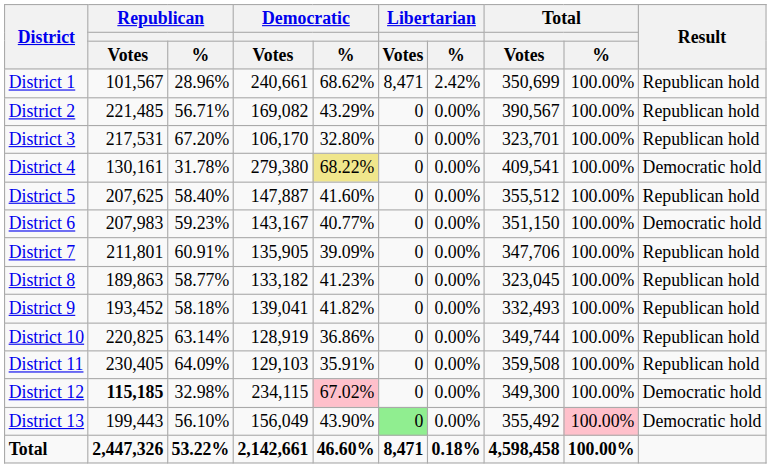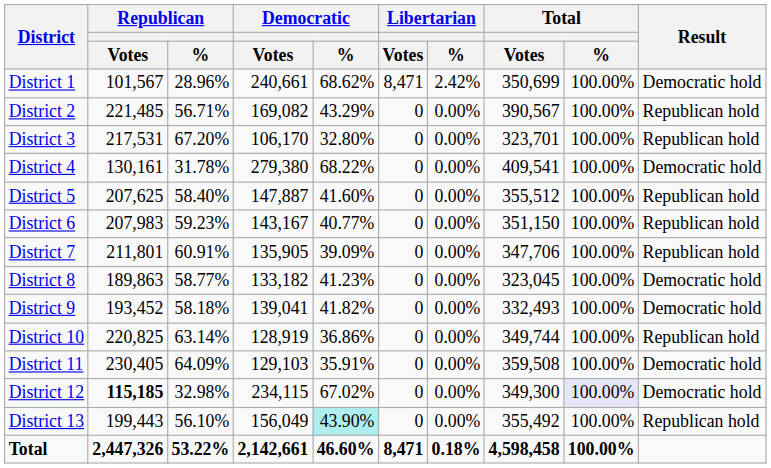 <table class="wikitable plainrowheaders sortable" style="font-size:100%; text-align:right;">
 <tr>
 <th scope=col rowspan=3><a href='#'>District</a></th>
 <th scope=col colspan=2><a href='#'>Republican</a></th>
 <th scope=col colspan=2><a href='#'>Democratic</a></th>
 <th scope=col colspan=2><a href='#'>Libertarian</a></th>
 <th scope=col colspan=2>Total</th>
 <th scope=col rowspan=3>Result</th>
 </tr>
 <tr>
 <th scope=col colspan=2 style="background:"></th>
 <th scope=col colspan=2 style="background:"></th>
 <th scope=col colspan=2 style="background:"></th>
 <th scope=col colspan=2></th>
 </tr>
 <tr>
 <th scope=col data-sort-type="number">Votes</th>
 <th scope=col data-sort-type="number">%</th>
 <th scope=col data-sort-type="number">Votes</th>
 <th scope=col data-sort-type="number">%</th>
 <th scope=col data-sort-type="number">Votes</th>
 <th scope=col data-sort-type="number">%</th>
 <th scope=col data-sort-type="number">Votes</th>
 <th scope=col data-sort-type="number">%</th>
 </tr>
 <tr>
 <td align=left><a href='#'>District 1</a></td>
 <td>101,567</td>
 <td>28.96%</td>
 <td>240,661</td>
 <td>68.62%</td>
 <td>8,471</td>
 <td>2.42%</td>
 <td>350,699</td>
 <td>100.00%</td>
-<td align=left>Republican hold</td>
+<td align=left>Democratic hold</td>
 </tr>
 <tr>
 <td align=left><a href='#'>District 2</a></td>
 <td>221,485</td>
 <td>56.71%</td>
 <td>169,082</td>
 <td>43.29%</td>
 <td>0</td>
 <td>0.00%</td>
 <td>390,567</td>
 <td>100.00%</td>
 <td align=left>Republican hold</td>
 </tr>
 <tr>
 <td align=left><a href='#'>District 3</a></td>
 <td>217,531</td>
 <td>67.20%</td>
 <td>106,170</td>
 <td>32.80%</td>
 <td>0</td>
 <td>0.00%</td>
 <td>323,701</td>
 <td>100.00%</td>
 <td align=left>Republican hold</td>
 </tr>
 <tr>
 <td align=left><a href='#'>District 4</a></td>
 <td>130,161</td>
 <td>31.78%</td>
 <td>279,380</td>
-<td style="background: khaki;">68.22%</td>
+<td>68.22%</td>
 <td>0</td>
 <td>0.00%</td>
 <td>409,541</td>
 <td>100.00%</td>
 <td align=left>Democratic hold</td>
 </tr>
 <tr>
 <td align=left><a href='#'>District 5</a></td>
 <td>207,625</td>
 <td>58.40%</td>
 <td>147,887</td>
 <td>41.60%</td>
 <td>0</td>
 <td>0.00%</td>
 <td>355,512</td>
 <td>100.00%</td>
 <td align=left>Republican hold</td>
 </tr>
 <tr>
 <td align=left><a href='#'>District 6</a></td>
 <td>207,983</td>
 <td>59.23%</td>
 <td>143,167</td>
 <td>40.77%</td>
 <td>0</td>
 <td>0.00%</td>
 <td>351,150</td>
 <td>100.00%</td>
-<td align=left>Democratic hold</td>
+<td align=left>Republican hold</td>
 </tr>
 <tr>
 <td align=left><a href='#'>District 7</a></td>
 <td>211,801</td>
 <td>60.91%</td>
 <td>135,905</td>
 <td>39.09%</td>
 <td>0</td>
 <td>0.00%</td>
 <td>347,706</td>
 <td>100.00%</td>
 <td align=left>Republican hold</td>
 </tr>
 <tr>
 <td align=left><a href='#'>District 8</a></td>
 <td>189,863</td>
 <td>58.77%</td>
 <td>133,182</td>
 <td>41.23%</td>
 <td>0</td>
 <td>0.00%</td>
 <td>323,045</td>
 <td>100.00%</td>
-<td align=left>Republican hold</td>
+<td align=left>Democratic hold</td>
 </tr>
 <tr>
 <td align=left><a href='#'>District 9</a></td>
 <td>193,452</td>
 <td>58.18%</td>
 <td>139,041</td>
 <td>41.82%</td>
 <td>0</td>
 <td>0.00%</td>
 <td>332,493</td>
 <td>100.00%</td>
-<td align=left>Republican hold</td>
+<td align=left>Democratic hold</td>
 </tr>
 <tr>
 <td align=left><a href='#'>District 10</a></td>
 <td>220,825</td>
 <td>63.14%</td>
 <td>128,919</td>
 <td>36.86%</td>
 <td>0</td>
 <td>0.00%</td>
 <td>349,744</td>
 <td>100.00%</td>
 <td align=left>Republican hold</td>
 </tr>
 <tr>
 <td align=left><a href='#'>District 11</a></td>
 <td>230,405</td>
 <td>64.09%</td>
 <td>129,103</td>
 <td>35.91%</td>
 <td>0</td>
 <td>0.00%</td>
 <td>359,508</td>
 <td>100.00%</td>
-<td align=left>Republican hold</td>
+<td align=left>Democratic hold</td>
 </tr>
 <tr>
 <td align=left><a href='#'>District 12</a></td>
 <td><strong>115,185</strong></td>
 <td>32.98%</td>
 <td>234,115</td>
-<td style="background: pink;">67.02%</td>
+<td>67.02%</td>
 <td>0</td>
 <td>0.00%</td>
 <td>349,300</td>
-<td>100.00%</td>
+<td style="background: lavender;">100.00%</td>
 <td align=left>Democratic hold</td>
 </tr>
 <tr>
 <td align=left><a href='#'>District 13</a></td>
 <td>199,443</td>
 <td>56.10%</td>
 <td>156,049</td>
-<td>43.90%</td>
-<td style="background: lightgreen;">0</td>
+<td style="background: paleturquoise;">43.90%</td>
+<td>0</td>
 <td>0.00%</td>
 <td>355,492</td>
-<td style="background: pink;">100.00%</td>
-<td align=left>Democratic hold</td>
+<td>100.00%</td>
+<td align=left>Republican hold</td>
 </tr>
 <tr class="sortbottom" style="font-weight:bold">
 <td align=left>Total</td>
 <td>2,447,326</td>
 <td>53.22%</td>
 <td>2,142,661</td>
 <td>46.60%</td>
 <td>8,471</td>
 <td>0.18%</td>
 <td>4,598,458</td>
 <td>100.00%</td>
 <td></td>
 </tr>
 </table>
